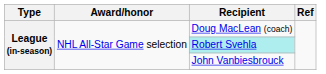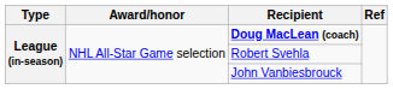 <table class="wikitable">
 <tr>
 <th scope="col">Type</th>
 <th scope="col">Award/honor</th>
 <th scope="col">Recipient</th>
 <th scope="col">Ref</th>
 </tr>
 <tr>
 <th scope="row" rowspan=3>League<br><small>(in-season)</small></th>
 <td rowspan=3><a href='#'>NHL All-Star Game</a> selection</td>
-<td><a href='#'>Doug MacLean</a> <small>(coach)</small></td>
+<td><strong><a href='#'>Doug MacLean</a> <small>(coach)</small></strong></td>
 <td rowspan=3></td>
 </tr>
 <tr>
-<td style="background: paleturquoise;"><a href='#'>Robert Svehla</a></td>
+<td><a href='#'>Robert Svehla</a></td>
 </tr>
 <tr>
 <td><a href='#'>John Vanbiesbrouck</a></td>
 </tr>
 </table>
